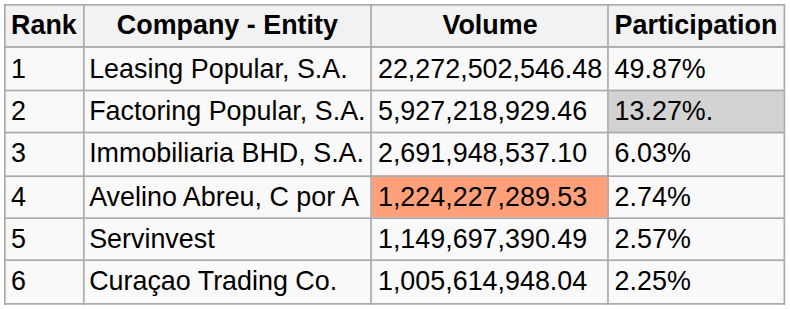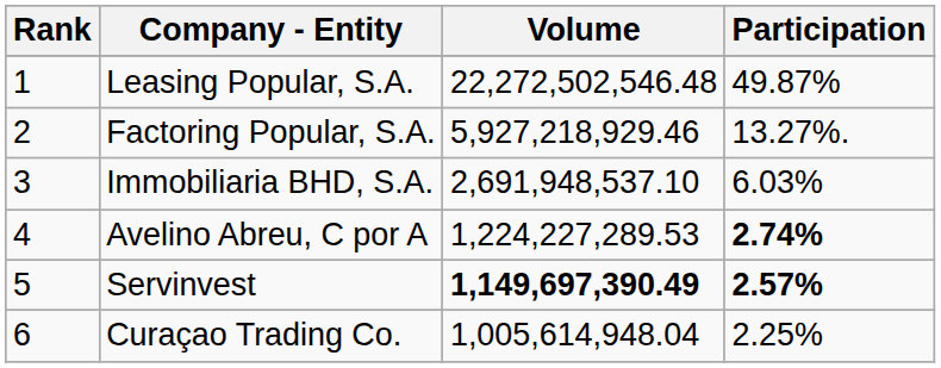 <table class="wikitable">
 <tr>
 <th>Rank</th>
 <th>Company - Entity</th>
 <th>Volume<br></th>
 <th>Participation</th>
 </tr>
 <tr>
 </tr>
 <tr>
 <td>1</td>
 <td>Leasing Popular, S.A.</td>
 <td>22,272,502,546.48</td>
 <td>49.87%</td>
 </tr>
 <tr>
 <td>2</td>
 <td>Factoring Popular, S.A.</td>
 <td>5,927,218,929.46</td>
-<td style="background: lightgrey;">13.27%.</td>
+<td>13.27%.</td>
 </tr>
 <tr>
 <td>3</td>
 <td>Immobiliaria BHD, S.A.</td>
 <td>2,691,948,537.10</td>
 <td>6.03%</td>
 </tr>
 <tr>
 <td>4</td>
 <td>Avelino Abreu, C por A</td>
-<td style="background: lightsalmon;">1,224,227,289.53</td>
-<td>2.74%</td>
+<td>1,224,227,289.53</td>
+<td><strong>2.74%</strong></td>
 </tr>
 <tr>
 <td>5</td>
 <td>Servinvest</td>
-<td>1,149,697,390.49</td>
-<td>2.57%</td>
+<td><strong>1,149,697,390.49</strong></td>
+<td><strong>2.57%</strong></td>
 </tr>
 <tr>
 <td>6</td>
 <td>Curaçao Trading Co.</td>
 <td>1,005,614,948.04</td>
 <td>2.25%</td>
 </tr>
 </table>
